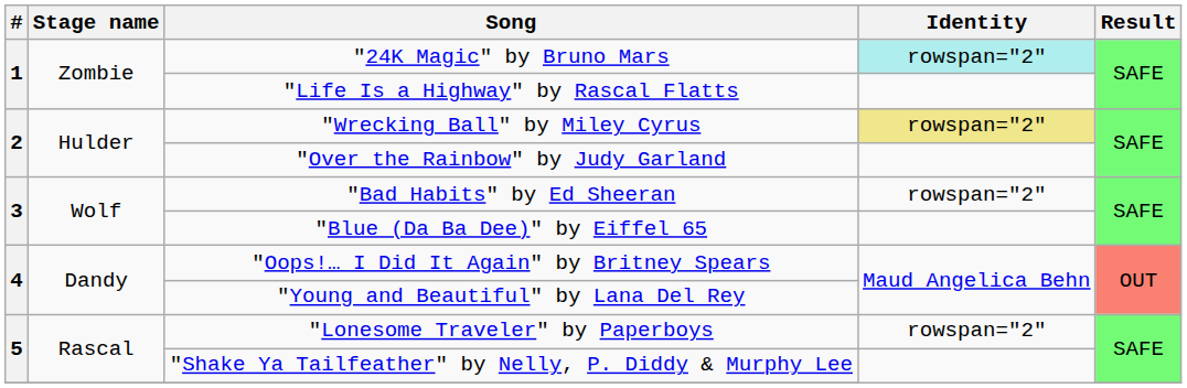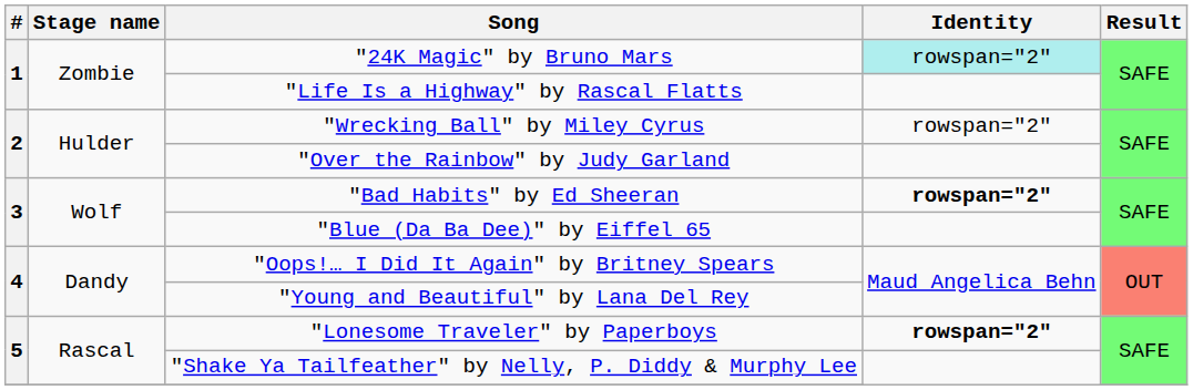 <table class="wikitable plainrowheaders" style="text-align: center;">
 <tr>
 <th>#</th>
 <th>Stage name</th>
 <th>Song</th>
 <th>Identity</th>
 <th>Result</th>
 </tr>
 <tr>
 <th rowspan="2">1</th>
 <td rowspan="2">Zombie</td>
 <td>"<a href='#'>24K Magic</a>" by <a href='#'>Bruno Mars</a></td>
 <td style="background: paleturquoise;">rowspan="2" </td>
 <td rowspan="2" bgcolor="#73FB76">SAFE</td>
 </tr>
 <tr>
 <td>"<a href='#'>Life Is a Highway</a>" by <a href='#'>Rascal Flatts</a></td>
 </tr>
 <tr>
 <th rowspan="2">2</th>
 <td rowspan="2">Hulder</td>
 <td>"<a href='#'>Wrecking Ball</a>" by <a href='#'>Miley Cyrus</a></td>
-<td style="background: khaki;">rowspan="2"  </td>
+<td>rowspan="2"  </td>
 <td rowspan="2" bgcolor="#73FB76">SAFE</td>
 </tr>
 <tr>
 <td>"<a href='#'>Over the Rainbow</a>" by <a href='#'>Judy Garland</a></td>
 </tr>
 <tr>
 <th rowspan="2">3</th>
 <td rowspan="2">Wolf</td>
 <td>"<a href='#'>Bad Habits</a>" by <a href='#'>Ed Sheeran</a></td>
-<td>rowspan="2"  </td>
+<td><strong>rowspan="2"  </strong></td>
 <td rowspan="2" bgcolor="#73FB76">SAFE</td>
 </tr>
 <tr>
 <td>"<a href='#'>Blue (Da Ba Dee)</a>" by <a href='#'>Eiffel 65</a></td>
 </tr>
 <tr>
 <th rowspan="2">4</th>
 <td rowspan="2">Dandy</td>
 <td>"<a href='#'>Oops!… I Did It Again</a>" by <a href='#'>Britney Spears</a></td>
 <td rowspan="2"><a href='#'>Maud Angelica Behn</a></td>
 <td rowspan="2" bgcolor=salmon>OUT</td>
 </tr>
 <tr>
 <td>"<a href='#'>Young and Beautiful</a>" by <a href='#'>Lana Del Rey</a></td>
 </tr>
 <tr>
 <th rowspan="2">5</th>
 <td rowspan="2">Rascal</td>
 <td>"<a href='#'>Lonesome Traveler</a>" by <a href='#'>Paperboys</a></td>
-<td>rowspan="2" </td>
+<td><strong>rowspan="2" </strong></td>
 <td rowspan="2" bgcolor="#73FB76">SAFE</td>
 </tr>
 <tr>
 <td>"<a href='#'>Shake Ya Tailfeather</a>" by <a href='#'>Nelly</a>, <a href='#'>P. Diddy</a> & <a href='#'>Murphy Lee</a></td>
 </tr>
 <tr>
 </tr>
 </table>
